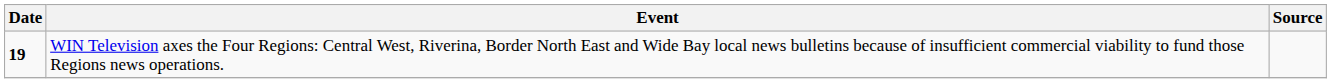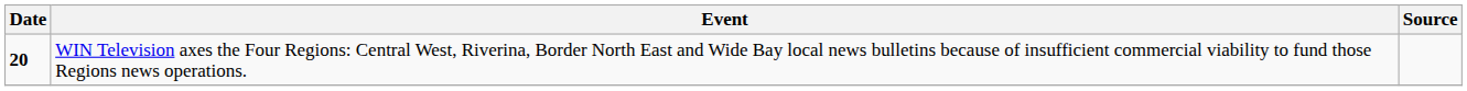 <table class="wikitable">
 <tr>
 <th>Date</th>
 <th>Event</th>
 <th>Source</th>
 </tr>
 <tr>
-<td><strong>19</strong></td>
+<td><strong>20</strong></td>
 <td><a href='#'>WIN Television</a> axes the Four Regions: Central West, Riverina, Border North East and Wide Bay local news bulletins because of insufficient commercial viability to fund those Regions news operations.</td>
 <td></td>
 </tr>
 <tr>
 </tr>
 </table>
